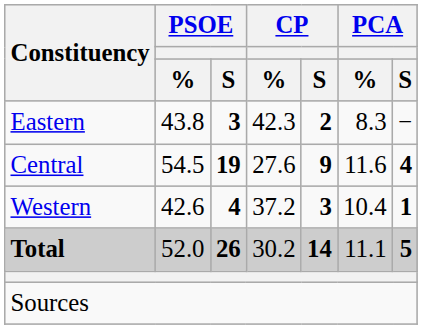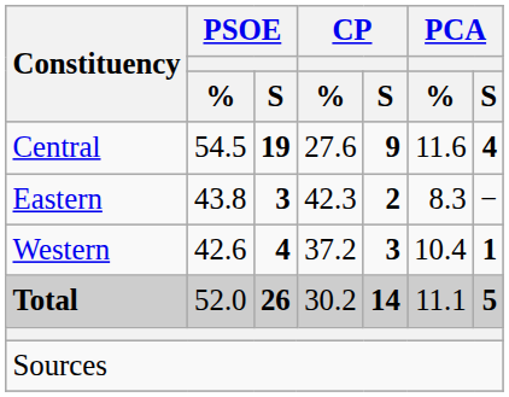 <table class="wikitable sortable" style="text-align:right; line-height:20px;">
 <tr>
 <th rowspan="3">Constituency</th>
 <th colspan="2" width="30px" class="unsortable"><a href='#'>PSOE</a></th>
 <th colspan="2" width="30px" class="unsortable"><a href='#'>CP</a></th>
 <th colspan="2" width="30px" class="unsortable"><a href='#'>PCA</a></th>
 </tr>
 <tr>
 <th colspan="2" style="background:"></th>
 <th colspan="2" style="background:"></th>
 <th colspan="2" style="background:"></th>
 </tr>
 <tr>
 <th data-sort-type="number">%</th>
 <th data-sort-type="number">S</th>
 <th data-sort-type="number">%</th>
 <th data-sort-type="number">S</th>
 <th data-sort-type="number">%</th>
 <th data-sort-type="number">S</th>
 </tr>
 <tr>
+<td align="left"><a href='#'>Central</a></td>
+<td style="background:">54.5</td>
+<td><strong>19</strong></td>
+<td>27.6</td>
+<td><strong>9</strong></td>
+<td>11.6</td>
+<td><strong>4</strong></td>
+</tr>
+<tr>
 <td align="left"><a href='#'>Eastern</a></td>
 <td style="background:">43.8</td>
 <td><strong>3</strong></td>
 <td>42.3</td>
 <td><strong>2</strong></td>
 <td>8.3</td>
 <td>−</td>
-</tr>
-<tr>
-<td align="left"><a href='#'>Central</a></td>
-<td style="background:">54.5</td>
-<td><strong>19</strong></td>
-<td>27.6</td>
-<td><strong>9</strong></td>
-<td>11.6</td>
-<td><strong>4</strong></td>
 </tr>
 <tr>
 <td align="left"><a href='#'>Western</a></td>
 <td style="background:">42.6</td>
 <td><strong>4</strong></td>
 <td>37.2</td>
 <td><strong>3</strong></td>
 <td>10.4</td>
 <td><strong>1</strong></td>
 </tr>
 <tr style="background:#CDCDCD;">
 <td align="left"><strong>Total</strong></td>
 <td style="background:">52.0</td>
 <td><strong>26</strong></td>
 <td>30.2</td>
 <td><strong>14</strong></td>
 <td>11.1</td>
 <td><strong>5</strong></td>
 </tr>
 <tr>
 <th colspan="7"></th>
 </tr>
 <tr>
 <th style="text-align:left; font-weight:normal; background:#F9F9F9" colspan="7">Sources</th>
 </tr>
 </table>
